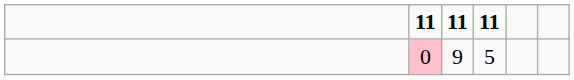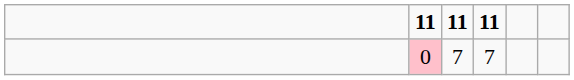 <table class="wikitable">
 <tr>
 <td style="width:18em"></td>
 <td align=center style="width:1em"><strong>11</strong></td>
 <td align=center style="width:1em"><strong>11</strong></td>
 <td align=center style="width:1em"><strong>11</strong></td>
 <td align=center style="width:1em"></td>
 <td align=center style="width:1em"></td>
 </tr>
 <tr>
 <td style="width:18em"></td>
 <td align=center style="background: pink; width:1em">0</td>
-<td align=center style="width:1em">9</td>
-<td align=center style="width:1em">5</td>
+<td align=center style="width:1em">7</td>
+<td align=center style="width:1em">7</td>
 <td align=center style="width:1em"></td>
 <td align=center style="width:1em"></td>
 </tr>
 </table>
